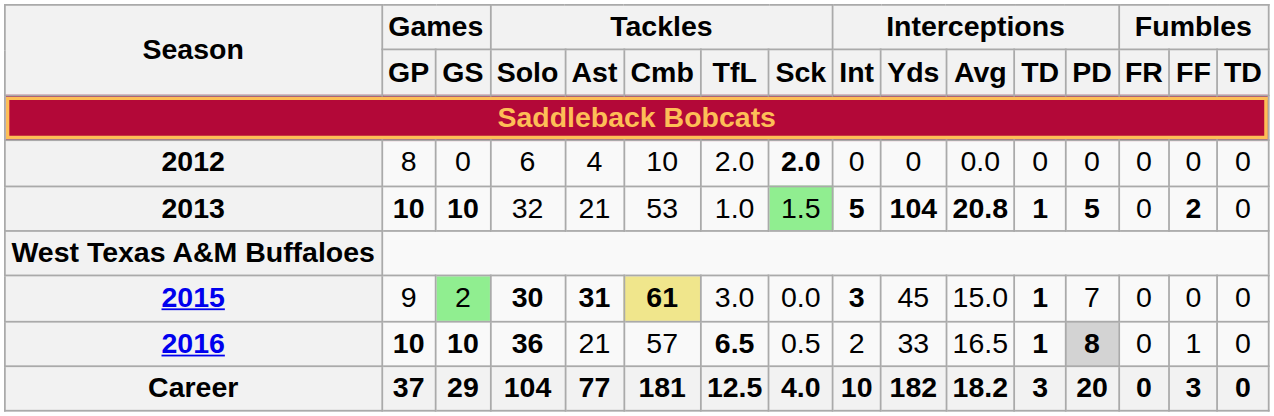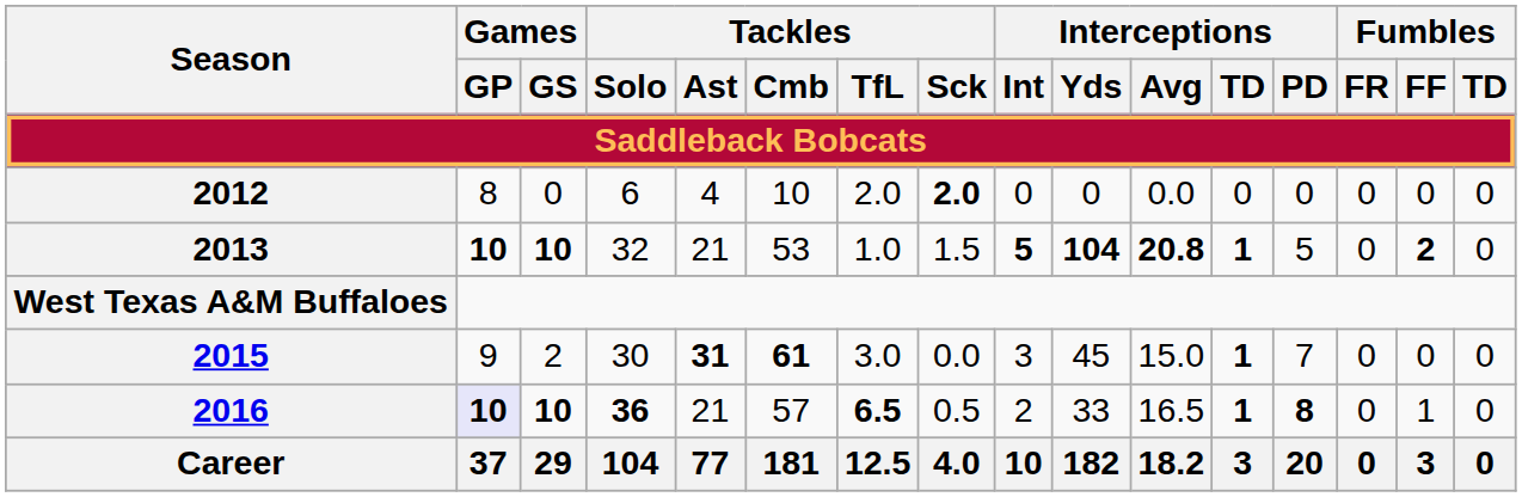 <table class="wikitable" style="text-align:center;">
 <tr>
 <th rowspan="2">Season</th>
 <th colspan="2">Games</th>
 <th colspan="5">Tackles</th>
 <th colspan="5">Interceptions</th>
 <th colspan="3">Fumbles</th>
 </tr>
 <tr>
 <th>GP</th>
 <th>GS</th>
 <th>Solo</th>
 <th>Ast</th>
 <th>Cmb</th>
 <th>TfL</th>
 <th>Sck</th>
 <th>Int</th>
 <th>Yds</th>
 <th>Avg</th>
 <th>TD</th>
 <th>PD</th>
 <th>FR</th>
 <th>FF</th>
 <th>TD</th>
 </tr>
 <tr>
 <th style="background-color: #b30838; color: #fdbe57; box-shadow: inset 2px 2px 0 #fdbe57, inset -2px -2px 0 #fdbe57;" colspan="16">Saddleback Bobcats</th>
 </tr>
 <tr>
 <th>2012</th>
 <td>8</td>
 <td>0</td>
 <td>6</td>
 <td>4</td>
 <td>10</td>
 <td>2.0</td>
 <td><strong>2.0</strong></td>
 <td>0</td>
 <td>0</td>
 <td>0.0</td>
 <td>0</td>
 <td>0</td>
 <td>0</td>
 <td>0</td>
 <td>0</td>
 </tr>
 <tr>
 <th>2013</th>
 <td><strong>10</strong></td>
 <td><strong>10</strong></td>
 <td>32</td>
 <td>21</td>
 <td>53</td>
 <td>1.0</td>
-<td style="background: lightgreen;">1.5</td>
+<td>1.5</td>
 <td><strong>5</strong></td>
 <td><strong>104</strong></td>
 <td><strong>20.8</strong></td>
 <td><strong>1</strong></td>
-<td><strong>5</strong></td>
+<td>5</td>
 <td>0</td>
 <td><strong>2</strong></td>
 <td>0</td>
 </tr>
 <tr>
 <th>West Texas A&M Buffaloes</th>
 </tr>
 <tr>
 <th><a href='#'>2015</a></th>
 <td>9</td>
-<td style="background: lightgreen;">2</td>
-<td><strong>30</strong></td>
+<td>2</td>
+<td>30</td>
 <td><strong>31</strong></td>
-<td style="background: khaki;"><strong>61</strong></td>
+<td><strong>61</strong></td>
 <td>3.0</td>
 <td>0.0</td>
-<td><strong>3</strong></td>
+<td>3</td>
 <td>45</td>
 <td>15.0</td>
 <td><strong>1</strong></td>
 <td>7</td>
 <td>0</td>
 <td>0</td>
 <td>0</td>
 </tr>
 <tr>
 <th><a href='#'>2016</a></th>
-<td><strong>10</strong></td>
+<td style="background: lavender;"><strong>10</strong></td>
 <td><strong>10</strong></td>
 <td><strong>36</strong></td>
 <td>21</td>
 <td>57</td>
 <td><strong>6.5</strong></td>
 <td>0.5</td>
 <td>2</td>
 <td>33</td>
 <td>16.5</td>
 <td><strong>1</strong></td>
-<td style="background: lightgrey;"><strong>8</strong></td>
+<td><strong>8</strong></td>
 <td>0</td>
 <td>1</td>
 <td>0</td>
 </tr>
 <tr>
 <th>Career</th>
 <th>37</th>
 <th>29</th>
 <th>104</th>
 <th>77</th>
 <th>181</th>
 <th>12.5</th>
 <th>4.0</th>
 <th>10</th>
 <th>182</th>
 <th>18.2</th>
 <th>3</th>
 <th>20</th>
 <th>0</th>
 <th>3</th>
 <th>0</th>
 </tr>
 </table>
